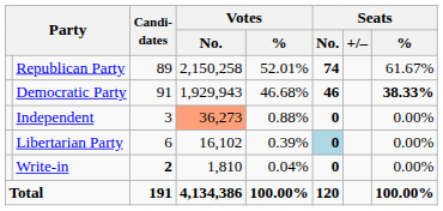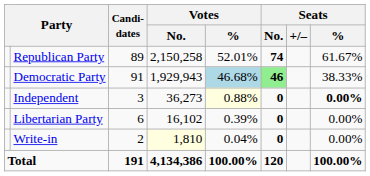 <table class="wikitable" style="font-size:100%; text-align:right;">
 <tr>
 <th colspan=2 rowspan=2>Party</th>
 <th rowspan=2><small>Candi-<br>dates</small></th>
 <th colspan=2>Votes</th>
 <th colspan=3>Seats</th>
 </tr>
 <tr>
 <th>No.</th>
 <th>%</th>
 <th>No.</th>
 <th>+/–</th>
 <th>%</th>
 </tr>
 <tr>
 <td style="background:"></td>
 <td align=left><a href='#'>Republican Party</a></td>
 <td>89</td>
 <td>2,150,258</td>
 <td>52.01%</td>
 <td><strong>74</strong></td>
 <td></td>
 <td>61.67%</td>
 </tr>
 <tr>
 <td style="background:"></td>
 <td align=left><a href='#'>Democratic Party</a></td>
 <td>91</td>
 <td>1,929,943</td>
-<td>46.68%</td>
-<td><strong>46</strong></td>
+<td style="background: lightblue;">46.68%</td>
+<td style="background: lightgreen;"><strong>46</strong></td>
 <td></td>
-<td><strong>38.33%</strong></td>
+<td>38.33%</td>
 </tr>
 <tr>
 <td style="background:"></td>
 <td align=left><a href='#'>Independent</a></td>
 <td>3</td>
-<td style="background: lightsalmon;">36,273</td>
-<td>0.88%</td>
+<td>36,273</td>
+<td style="background: lightyellow;">0.88%</td>
 <td><strong>0</strong></td>
 <td></td>
-<td>0.00%</td>
+<td><strong>0.00%</strong></td>
 </tr>
 <tr>
 <td style="background:"></td>
 <td align=left><a href='#'>Libertarian Party</a></td>
 <td>6</td>
 <td>16,102</td>
 <td>0.39%</td>
-<td style="background: lightblue;"><strong>0</strong></td>
+<td><strong>0</strong></td>
 <td></td>
 <td>0.00%</td>
 </tr>
 <tr>
 <td style="background:"></td>
 <td align=left><a href='#'>Write-in</a></td>
-<td><strong>2</strong></td>
-<td>1,810</td>
+<td>2</td>
+<td style="background: lightyellow;">1,810</td>
 <td>0.04%</td>
 <td><strong>0</strong></td>
 <td></td>
 <td>0.00%</td>
 </tr>
 <tr style="font-weight:bold">
 <td colspan=2 align=left>Total</td>
 <td>191</td>
 <td>4,134,386</td>
 <td>100.00%</td>
 <td>120</td>
 <td></td>
 <td>100.00%</td>
 </tr>
 </table>
